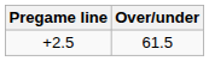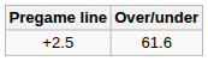 <table class="wikitable" style="margin-left: auto; margin-right: auto; border: none; display: inline-table;">
 <tr align="center">
 <th style=>Pregame line</th>
 <th style=>Over/under</th>
 </tr>
 <tr align="center">
 <td>+2.5</td>
-<td>61.5</td>
+<td>61.6</td>
 </tr>
 </table>
